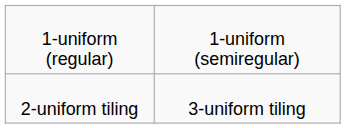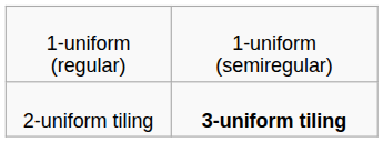 <table class=wikitable align=right width=300>
 <tr align=center valign=top>
 <td><br>1-uniform (regular)</td>
 <td><br>1-uniform (semiregular)</td>
 </tr>
 <tr align=center valign=top>
 <td><br>2-uniform tiling</td>
-<td><br>3-uniform tiling</td>
+<td><strong><br>3-uniform tiling</strong></td>
 </tr>
 </table>
